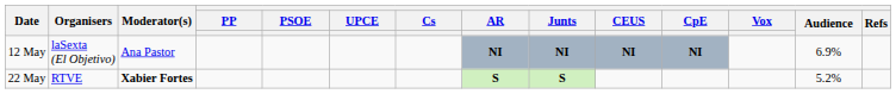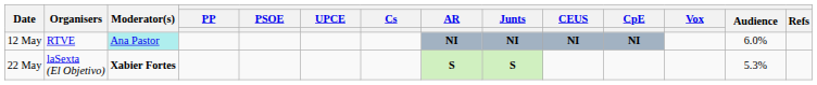 <table class="wikitable" style="text-align:center;">
 <tr>
 <th rowspan="3">Date</th>
 <th rowspan="3">Organisers</th>
 <th rowspan="3">Moderator(s)</th>
 <th colspan="11">        </th>
 </tr>
 <tr>
 <th scope="col" style="width:5em;"><a href='#'>PP</a></th>
 <th scope="col" style="width:5em;"><a href='#'>PSOE</a></th>
 <th scope="col" style="width:5em;"><a href='#'>UPCE</a></th>
 <th scope="col" style="width:5em;"><a href='#'>Cs</a></th>
 <th scope="col" style="width:5em;"><a href='#'>AR</a></th>
 <th scope="col" style="width:5em;"><a href='#'>Junts</a></th>
 <th scope="col" style="width:5em;"><a href='#'>CEUS</a></th>
 <th scope="col" style="width:5em;"><a href='#'>CpE</a></th>
 <th scope="col" style="width:5em;"><a href='#'>Vox</a></th>
 <th rowspan="2" scope="col" style="width:5em;">Audience</th>
 <th rowspan="2">Refs</th>
 </tr>
 <tr>
 <th style="color:inherit;background:"></th>
 <th style="color:inherit;background:"></th>
 <th style="color:inherit;background:"></th>
 <th style="color:inherit;background:"></th>
 <th style="color:inherit;background:"></th>
 <th style="color:inherit;background:"></th>
 <th style="color:inherit;background:"></th>
 <th style="color:inherit;background:"></th>
 <th style="color:inherit;background:"></th>
 </tr>
 <tr>
 <td style="white-space:nowrap; text-align:left;">12 May</td>
-<td style="white-space:nowrap; text-align:left;"><a href='#'>laSexta</a><br><em>(El Objetivo)</em></td>
-<td style="white-space:nowrap; text-align:left;"><a href='#'>Ana Pastor</a></td>
+<td style="white-space:nowrap; text-align:left;"><a href='#'>RTVE</a><br></td>
+<td style="background: paleturquoise; white-space:nowrap; text-align:left;"><a href='#'>Ana Pastor</a></td>
 <td></td>
 <td></td>
 <td></td>
 <td></td>
 <td style="background:#A2B2C2;"><strong>NI</strong></td>
 <td style="background:#A2B2C2;"><strong>NI</strong></td>
 <td style="background:#A2B2C2;"><strong>NI</strong></td>
 <td style="background:#A2B2C2;"><strong>NI</strong></td>
 <td></td>
-<td>6.9%<br></td>
+<td>6.0%<br></td>
 <td><br></td>
 </tr>
 <tr>
 <td style="white-space:nowrap; text-align:left;">22 May</td>
-<td style="white-space:nowrap; text-align:left;"><a href='#'>RTVE</a><br></td>
+<td style="white-space:nowrap; text-align:left;"><a href='#'>laSexta</a><br><em>(El Objetivo)</em></td>
 <td style="white-space:nowrap; text-align:left;"><strong>Xabier Fortes</strong></td>
 <td></td>
 <td></td>
 <td></td>
 <td></td>
 <td style="background:#D0F0C0;"><strong>S</strong><br></td>
 <td style="background:#D0F0C0;"><strong>S</strong><br></td>
 <td></td>
 <td></td>
 <td></td>
-<td>5.2%<br></td>
+<td>5.3%<br></td>
 <td><br></td>
 </tr>
 </table>
